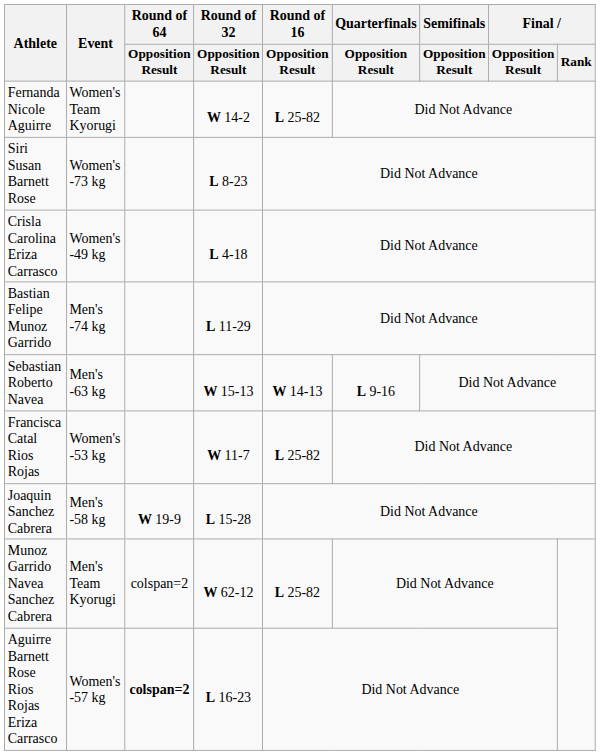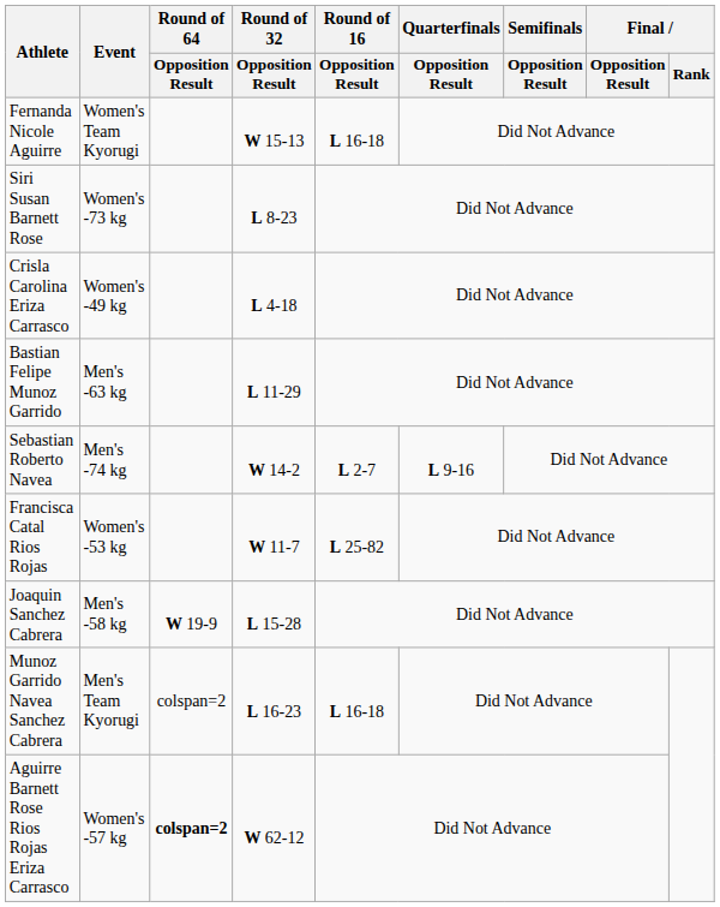 <table class="wikitable" style="font-size:90%">
 <tr>
 <th rowspan="2">Athlete</th>
 <th rowspan="2">Event</th>
 <th>Round of 64</th>
 <th>Round of 32</th>
 <th>Round of 16</th>
 <th>Quarterfinals</th>
 <th>Semifinals</th>
 <th colspan=2>Final / </th>
 </tr>
 <tr style="font-size:95%">
 <th>Opposition<br>Result</th>
 <th>Opposition<br>Result</th>
 <th>Opposition<br>Result</th>
 <th>Opposition<br>Result</th>
 <th>Opposition<br>Result</th>
 <th>Opposition<br>Result</th>
 <th>Rank</th>
 </tr>
 <tr align=center>
 <td align=left>Fernanda Nicole Aguirre</td>
 <td align=left>Women's Team Kyorugi</td>
 <td></td>
-<td><br><strong>W</strong> 14-2</td>
-<td><br><strong>L</strong> 25-82</td>
+<td><br><strong>W</strong> 15-13</td>
+<td><br><strong>L</strong> 16-18</td>
 <td colspan=4>Did Not Advance</td>
 </tr>
 <tr align=center>
 <td align=left>Siri Susan Barnett Rose</td>
 <td align=left>Women's -73 kg</td>
 <td></td>
 <td><br><strong>L</strong> 8-23</td>
 <td colspan=5>Did Not Advance</td>
 </tr>
 <tr align=center>
 <td align=left>Crisla Carolina Eriza Carrasco</td>
 <td align=left>Women's -49 kg</td>
 <td></td>
 <td><br><strong>L</strong> 4-18</td>
 <td colspan=5>Did Not Advance</td>
 </tr>
 <tr align=center>
 <td align=left>Bastian Felipe Munoz Garrido</td>
-<td align=left>Men's -74 kg</td>
+<td align=left>Men's -63 kg</td>
 <td></td>
 <td><br><strong>L</strong> 11-29</td>
 <td colspan=5>Did Not Advance</td>
 </tr>
 <tr align=center>
 <td align=left>Sebastian Roberto Navea</td>
-<td align=left>Men's -63 kg</td>
+<td align=left>Men's -74 kg</td>
 <td></td>
-<td><br><strong>W</strong> 15-13</td>
-<td><br><strong>W</strong> 14-13</td>
+<td><br><strong>W</strong> 14-2</td>
+<td><br><strong>L</strong> 2-7</td>
 <td><br><strong>L</strong> 9-16</td>
 <td colspan=3>Did Not Advance</td>
 </tr>
 <tr align=center>
 <td align=left>Francisca Catal Rios Rojas</td>
 <td align=left>Women's -53 kg</td>
 <td></td>
 <td><br><strong>W</strong> 11-7</td>
 <td><br><strong>L</strong> 25-82</td>
 <td colspan=4>Did Not Advance</td>
 </tr>
 <tr align=center>
 <td align=left>Joaquin Sanchez Cabrera</td>
 <td align=left>Men's -58 kg</td>
 <td><br><strong>W</strong> 19-9</td>
 <td><br><strong>L</strong> 15-28</td>
 <td colspan=5>Did Not Advance</td>
 </tr>
 <tr align=center>
 <td align=left>Munoz Garrido<br>Navea<br>Sanchez Cabrera</td>
 <td align=left>Men's Team Kyorugi</td>
 <td>colspan=2 </td>
-<td><br><strong>W</strong> 62-12</td>
-<td><br><strong>L</strong> 25-82</td>
+<td><br><strong>L</strong> 16-23</td>
+<td><br><strong>L</strong> 16-18</td>
 <td colspan=3>Did Not Advance</td>
 </tr>
 <tr align=center>
 <td align=left>Aguirre<br>Barnett Rose<br>Rios Rojas<br>Eriza Carrasco</td>
 <td align=left>Women's -57 kg</td>
 <td><strong>colspan=2 </strong></td>
-<td><br><strong>L</strong> 16-23</td>
+<td><br><strong>W</strong> 62-12</td>
 <td colspan=4>Did Not Advance</td>
 </tr>
 </table>
